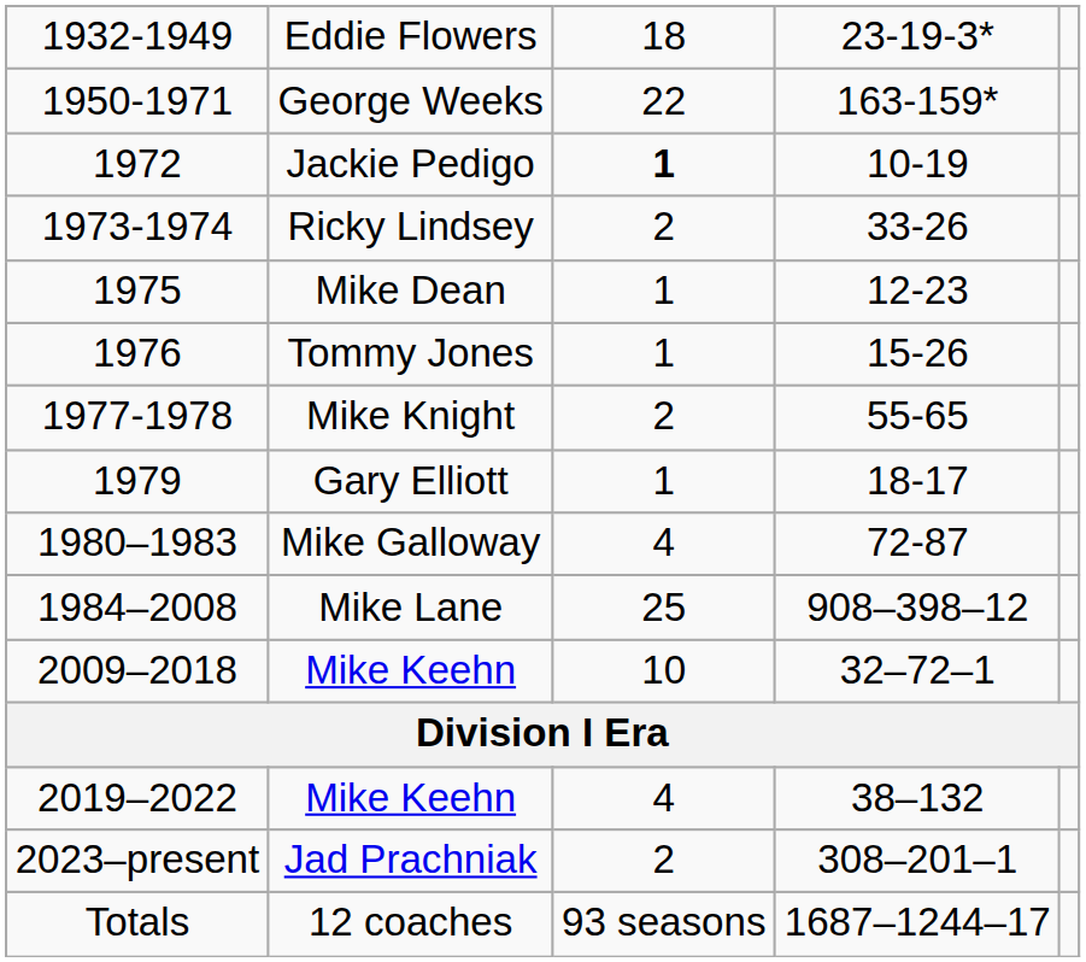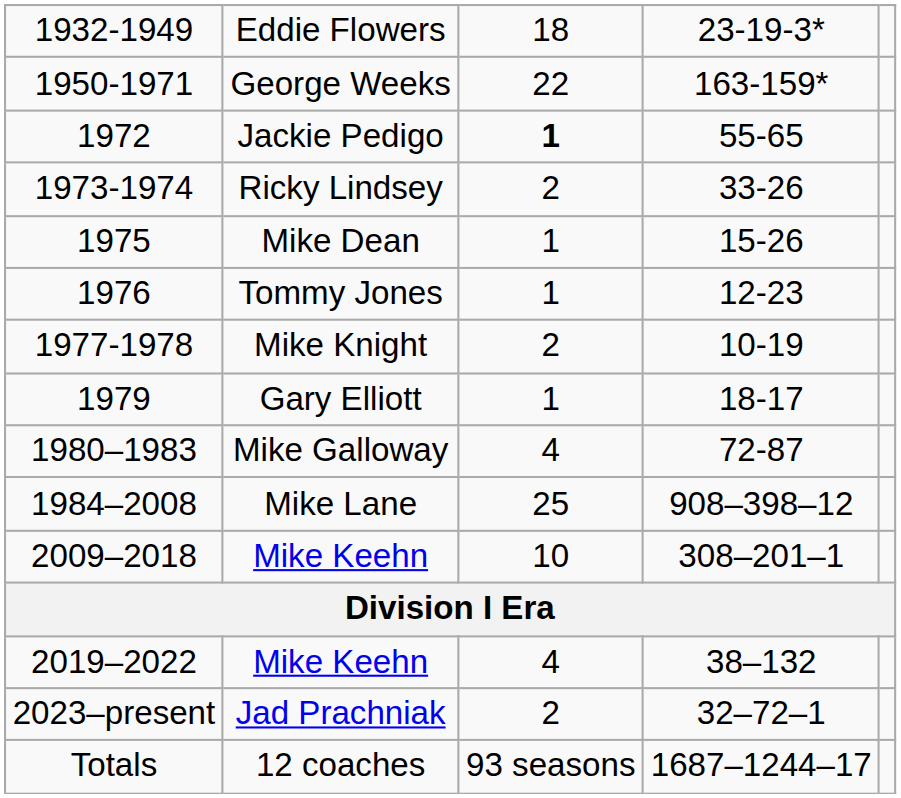 <table class="wikitable" style="text-align:center">
 <tr>
 <td>1932-1949</td>
 <td>Eddie Flowers</td>
 <td>18</td>
 <td>23-19-3*</td>
 <td></td>
 </tr>
 <tr>
 <td>1950-1971</td>
 <td>George Weeks</td>
 <td>22</td>
 <td>163-159*</td>
 <td></td>
 </tr>
 <tr>
 <td>1972</td>
 <td>Jackie Pedigo</td>
 <td><strong>1</strong></td>
-<td>10-19</td>
+<td>55-65</td>
 <td></td>
 </tr>
 <tr>
 <td>1973-1974</td>
 <td>Ricky Lindsey</td>
 <td>2</td>
 <td>33-26</td>
 <td></td>
 </tr>
 <tr>
 <td>1975</td>
 <td>Mike Dean</td>
 <td>1</td>
-<td>12-23</td>
+<td>15-26</td>
 <td></td>
 </tr>
 <tr>
 <td>1976</td>
 <td>Tommy Jones</td>
 <td>1</td>
-<td>15-26</td>
+<td>12-23</td>
 <td></td>
 </tr>
 <tr>
 <td>1977-1978</td>
 <td>Mike Knight</td>
 <td>2</td>
-<td>55-65</td>
+<td>10-19</td>
 <td></td>
 </tr>
 <tr>
 <td>1979</td>
 <td>Gary Elliott</td>
 <td>1</td>
 <td>18-17</td>
 <td></td>
 </tr>
 <tr>
 <td>1980–1983</td>
 <td>Mike Galloway</td>
 <td>4</td>
 <td>72-87</td>
 <td></td>
 </tr>
 <tr>
 <td>1984–2008</td>
 <td>Mike Lane</td>
 <td>25</td>
 <td>908–398–12</td>
 <td></td>
 </tr>
 <tr>
 <td>2009–2018</td>
 <td><a href='#'>Mike Keehn</a></td>
 <td>10</td>
-<td>32–72–1</td>
+<td>308–201–1</td>
 <td></td>
 </tr>
 <tr>
 <th colspan=5 style=>Division I Era</th>
 </tr>
 <tr>
 <td>2019–2022</td>
 <td><a href='#'>Mike Keehn</a></td>
 <td>4</td>
 <td>38–132</td>
 <td></td>
 </tr>
 <tr>
 <td>2023–present</td>
 <td><a href='#'>Jad Prachniak</a></td>
 <td>2</td>
-<td>308–201–1</td>
+<td>32–72–1</td>
 <td></td>
 </tr>
 <tr class="sortbottom">
 <td>Totals</td>
 <td>12 coaches</td>
 <td>93 seasons</td>
 <td>1687–1244–17</td>
 <td></td>
 </tr>
 </table>
